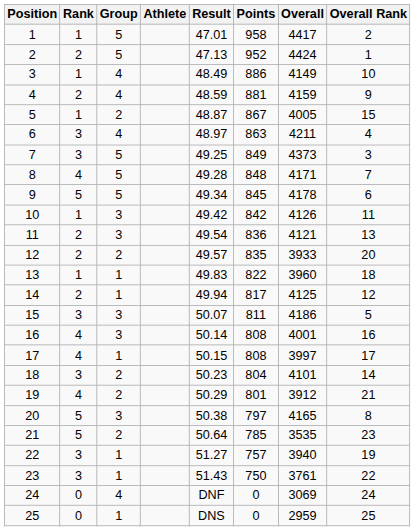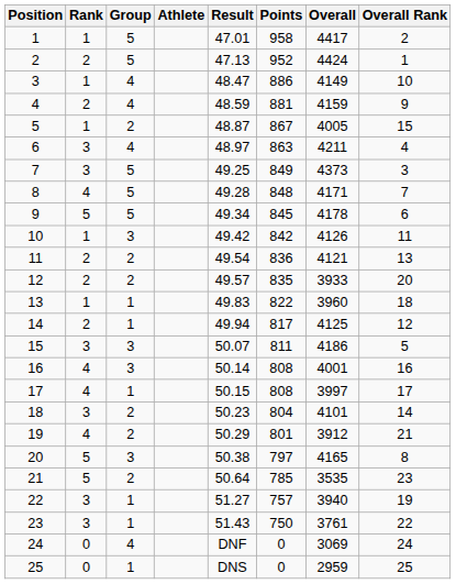 <table class="wikitable sortable" style="text-align:center">
 <tr>
 <th>Position</th>
 <th>Rank</th>
 <th>Group</th>
 <th>Athlete</th>
 <th>Result</th>
 <th>Points</th>
 <th>Overall</th>
 <th>Overall Rank</th>
 </tr>
 <tr>
 <td>1</td>
 <td>1</td>
 <td>5</td>
 <td align=left></td>
 <td>47.01</td>
 <td>958</td>
 <td>4417</td>
 <td>2</td>
 </tr>
 <tr>
 <td>2</td>
 <td>2</td>
 <td>5</td>
 <td align=left></td>
 <td>47.13</td>
 <td>952</td>
 <td>4424</td>
 <td>1</td>
 </tr>
 <tr>
 <td>3</td>
 <td>1</td>
 <td>4</td>
 <td align=left></td>
-<td>48.49</td>
+<td>48.47</td>
 <td>886</td>
 <td>4149</td>
 <td>10</td>
 </tr>
 <tr>
 <td>4</td>
 <td>2</td>
 <td>4</td>
 <td align=left></td>
 <td>48.59</td>
 <td>881</td>
 <td>4159</td>
 <td>9</td>
 </tr>
 <tr>
 <td>5</td>
 <td>1</td>
 <td>2</td>
 <td align=left></td>
 <td>48.87</td>
 <td>867</td>
 <td>4005</td>
 <td>15</td>
 </tr>
 <tr>
 <td>6</td>
 <td>3</td>
 <td>4</td>
 <td align=left></td>
 <td>48.97</td>
 <td>863</td>
 <td>4211</td>
 <td>4</td>
 </tr>
 <tr>
 <td>7</td>
 <td>3</td>
 <td>5</td>
 <td align=left></td>
 <td>49.25</td>
 <td>849</td>
 <td>4373</td>
 <td>3</td>
 </tr>
 <tr>
 <td>8</td>
 <td>4</td>
 <td>5</td>
 <td align=left></td>
 <td>49.28</td>
 <td>848</td>
 <td>4171</td>
 <td>7</td>
 </tr>
 <tr>
 <td>9</td>
 <td>5</td>
 <td>5</td>
 <td align=left></td>
 <td>49.34</td>
 <td>845</td>
 <td>4178</td>
 <td>6</td>
 </tr>
 <tr>
 <td>10</td>
 <td>1</td>
 <td>3</td>
 <td align=left></td>
 <td>49.42</td>
 <td>842</td>
 <td>4126</td>
 <td>11</td>
 </tr>
 <tr>
 <td>11</td>
 <td>2</td>
-<td>3</td>
+<td>2</td>
 <td align=left></td>
 <td>49.54</td>
 <td>836</td>
 <td>4121</td>
 <td>13</td>
 </tr>
 <tr>
 <td>12</td>
 <td>2</td>
 <td>2</td>
 <td align=left></td>
 <td>49.57</td>
 <td>835</td>
 <td>3933</td>
 <td>20</td>
 </tr>
 <tr>
 <td>13</td>
 <td>1</td>
 <td>1</td>
 <td align=left></td>
 <td>49.83</td>
 <td>822</td>
 <td>3960</td>
 <td>18</td>
 </tr>
 <tr>
 <td>14</td>
 <td>2</td>
 <td>1</td>
 <td align=left></td>
 <td>49.94</td>
 <td>817</td>
 <td>4125</td>
 <td>12</td>
 </tr>
 <tr>
 <td>15</td>
 <td>3</td>
 <td>3</td>
 <td align=left></td>
 <td>50.07</td>
 <td>811</td>
 <td>4186</td>
 <td>5</td>
 </tr>
 <tr>
 <td>16</td>
 <td>4</td>
 <td>3</td>
 <td align=left></td>
 <td>50.14</td>
 <td>808</td>
 <td>4001</td>
 <td>16</td>
 </tr>
 <tr>
 <td>17</td>
 <td>4</td>
 <td>1</td>
 <td align=left></td>
 <td>50.15</td>
 <td>808</td>
 <td>3997</td>
 <td>17</td>
 </tr>
 <tr>
 <td>18</td>
 <td>3</td>
 <td>2</td>
 <td align=left></td>
 <td>50.23</td>
 <td>804</td>
 <td>4101</td>
 <td>14</td>
 </tr>
 <tr>
 <td>19</td>
 <td>4</td>
 <td>2</td>
 <td align=left></td>
 <td>50.29</td>
 <td>801</td>
 <td>3912</td>
 <td>21</td>
 </tr>
 <tr>
 <td>20</td>
 <td>5</td>
 <td>3</td>
 <td align=left></td>
 <td>50.38</td>
 <td>797</td>
 <td>4165</td>
 <td>8</td>
 </tr>
 <tr>
 <td>21</td>
 <td>5</td>
 <td>2</td>
 <td align=left></td>
 <td>50.64</td>
 <td>785</td>
 <td>3535</td>
 <td>23</td>
 </tr>
 <tr>
 <td>22</td>
 <td>3</td>
 <td>1</td>
 <td align=left></td>
 <td>51.27</td>
 <td>757</td>
 <td>3940</td>
 <td>19</td>
 </tr>
 <tr>
 <td>23</td>
 <td>3</td>
 <td>1</td>
 <td align=left></td>
 <td>51.43</td>
 <td>750</td>
 <td>3761</td>
 <td>22</td>
 </tr>
 <tr>
 <td>24</td>
 <td>0</td>
 <td>4</td>
 <td align=left></td>
 <td>DNF</td>
 <td>0</td>
 <td>3069</td>
 <td>24</td>
 </tr>
 <tr>
 <td>25</td>
 <td>0</td>
 <td>1</td>
 <td align=left></td>
 <td>DNS</td>
 <td>0</td>
 <td>2959</td>
 <td>25</td>
 </tr>
 </table>
